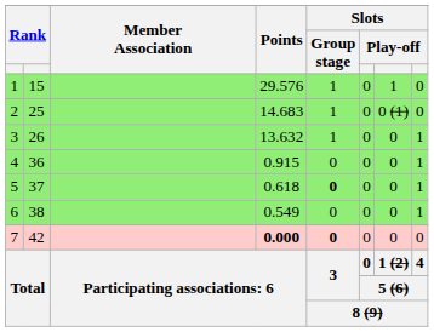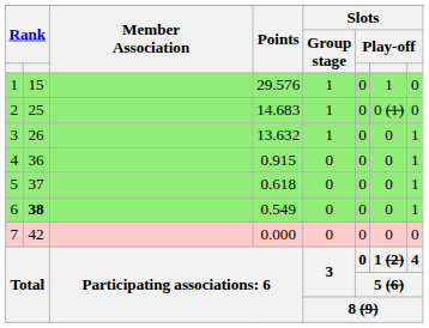 <table class="wikitable" style="text-align:center">
 <tr>
 </tr>
 <tr>
 <th colspan=2 rowspan=2><a href='#'>Rank</a></th>
 <th rowspan=3 width=200>Member<br>Association</th>
 <th rowspan=3>Points</th>
 <th colspan=5>Slots</th>
 </tr>
 <tr>
 <th rowspan=2>Group<br>stage</th>
 <th colspan=4>Play-off</th>
 </tr>
 <tr>
 <th></th>
 <th></th>
 <th></th>
 <th></th>
 <th></th>
 </tr>
 <tr bgcolor=#90ee77>
 <td>1</td>
 <td>15</td>
 <td align=left></td>
 <td>29.576</td>
 <td>1</td>
 <td>0</td>
 <td>1</td>
 <td>0</td>
 </tr>
 <tr bgcolor=#90ee77>
 <td>2</td>
 <td>25</td>
 <td align=left></td>
 <td>14.683</td>
 <td>1</td>
 <td>0</td>
 <td>0 <s>(1)</s></td>
 <td>0</td>
 </tr>
 <tr bgcolor=#90ee77>
 <td>3</td>
 <td>26</td>
 <td align=left></td>
 <td>13.632</td>
 <td>1</td>
 <td>0</td>
 <td>0</td>
 <td>1</td>
 </tr>
 <tr bgcolor=#90ee77>
 <td>4</td>
 <td>36</td>
 <td align=left></td>
 <td>0.915</td>
 <td>0</td>
 <td>0</td>
 <td>0</td>
 <td>1</td>
 </tr>
 <tr bgcolor=#90ee77>
 <td>5</td>
 <td>37</td>
 <td align=left></td>
 <td>0.618</td>
-<td><strong>0</strong></td>
+<td>0</td>
 <td>0</td>
 <td>0</td>
 <td>1</td>
 </tr>
 <tr bgcolor=#90ee77>
 <td>6</td>
-<td>38</td>
+<td><strong>38</strong></td>
 <td align=left></td>
 <td>0.549</td>
 <td>0</td>
 <td>0</td>
 <td>0</td>
 <td>1</td>
 </tr>
 <tr bgcolor=#ffcccc>
 <td>7</td>
 <td>42</td>
 <td align=left></td>
-<td><strong>0.000</strong></td>
-<td><strong>0</strong></td>
+<td>0.000</td>
+<td>0</td>
 <td>0</td>
 <td>0</td>
 <td>0</td>
 </tr>
 <tr>
 <th colspan=2 rowspan=3>Total</th>
 <th colspan=2 rowspan=3>Participating associations: 6</th>
 <th rowspan=2>3</th>
 <th>0</th>
 <th>1 <s>(2)</s></th>
 <th>4</th>
 </tr>
 <tr>
 <th colspan=3>5 <s>(6)</s></th>
 </tr>
 <tr>
 <th colspan=4>8 <s>(9)</s></th>
 </tr>
 </table>
